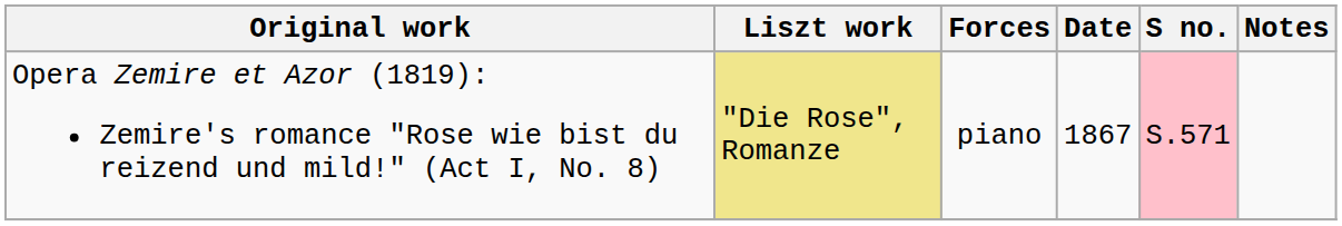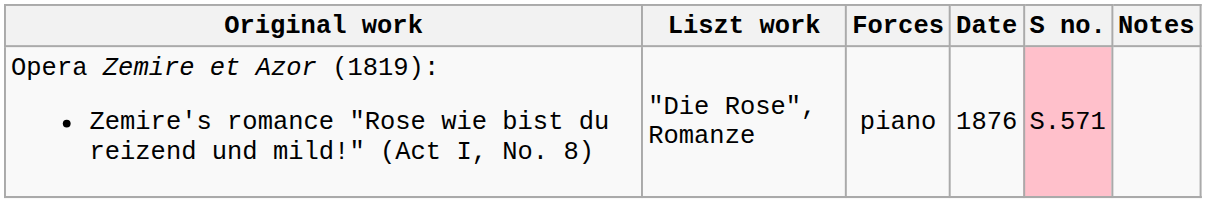 <table class="wikitable">
 <tr>
 <th>Original work</th>
 <th>Liszt work</th>
 <th>Forces</th>
 <th>Date</th>
 <th>S no.</th>
 <th>Notes</th>
 </tr>
 <tr>
 <td>Opera <em>Zemire et Azor</em> (1819):<br><ul><li>Zemire's romance "Rose wie bist du reizend und mild!" (Act I, No. 8)</li></ul></td>
-<td style="background: khaki;">"Die Rose", Romanze</td>
+<td>"Die Rose", Romanze</td>
 <td style="text-align: center">piano</td>
-<td>1867</td>
+<td>1876</td>
 <td style="background: pink;">S.571</td>
 <td></td>
 </tr>
 <tr>
 </tr>
 </table>
